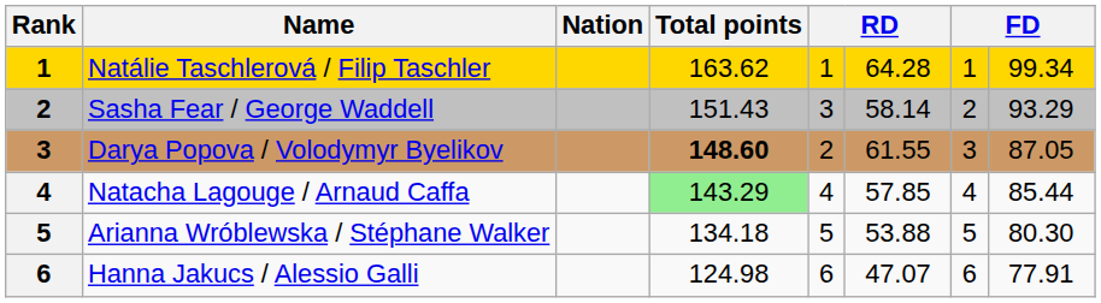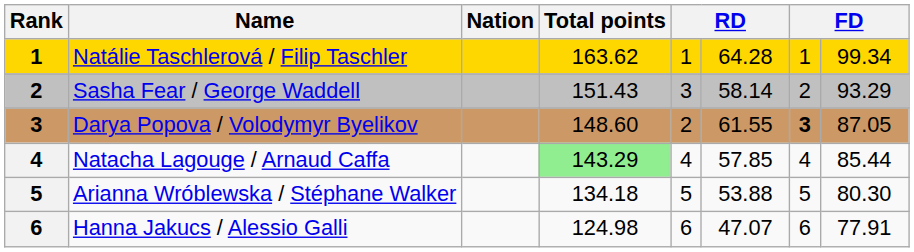 <table class="wikitable sortable">
 <tr>
 <th>Rank</th>
 <th>Name</th>
 <th>Nation</th>
 <th>Total points</th>
 <th colspan="2" width="80px"><a href='#'>RD</a></th>
 <th colspan="2" width="80px"><a href='#'>FD</a></th>
 </tr>
 <tr bgcolor="gold">
 <td align="center"><strong>1</strong></td>
 <td><a href='#'>Natálie Taschlerová</a> / <a href='#'>Filip Taschler</a></td>
 <td></td>
 <td align="center">163.62</td>
 <td align="center">1</td>
 <td align="center">64.28</td>
 <td align="center">1</td>
 <td align="center">99.34</td>
 </tr>
 <tr bgcolor="silver">
 <td align="center"><strong>2</strong></td>
 <td><a href='#'>Sasha Fear</a> / <a href='#'>George Waddell</a></td>
 <td></td>
 <td align="center">151.43</td>
 <td align="center">3</td>
 <td align="center">58.14</td>
 <td align="center">2</td>
 <td align="center">93.29</td>
 </tr>
 <tr bgcolor="cc9966">
 <td align="center"><strong>3</strong></td>
 <td><a href='#'>Darya Popova</a> / <a href='#'>Volodymyr Byelikov</a></td>
 <td></td>
-<td align="center"><strong>148.60</strong></td>
+<td align="center">148.60</td>
 <td align="center">2</td>
 <td align="center">61.55</td>
-<td align="center">3</td>
+<td align="center"><strong>3</strong></td>
 <td align="center">87.05</td>
 </tr>
 <tr>
 <th>4</th>
 <td><a href='#'>Natacha Lagouge</a> / <a href='#'>Arnaud Caffa</a></td>
 <td></td>
 <td align="center" style="background: lightgreen;">143.29</td>
 <td align="center">4</td>
 <td align="center">57.85</td>
 <td align="center">4</td>
 <td align="center">85.44</td>
 </tr>
 <tr>
 <th>5</th>
 <td><a href='#'>Arianna Wróblewska</a> / <a href='#'>Stéphane Walker</a></td>
 <td></td>
 <td align="center">134.18</td>
 <td align="center">5</td>
 <td align="center">53.88</td>
 <td align="center">5</td>
 <td align="center">80.30</td>
 </tr>
 <tr>
 <th>6</th>
 <td><a href='#'>Hanna Jakucs</a> / <a href='#'>Alessio Galli</a></td>
 <td></td>
 <td align="center">124.98</td>
 <td align="center">6</td>
 <td align="center">47.07</td>
 <td align="center">6</td>
 <td align="center">77.91</td>
 </tr>
 </table>
